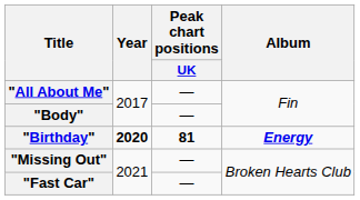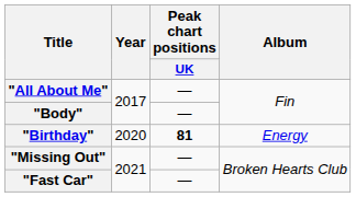 <table class="wikitable plainrowheaders" style="text-align:center;">
 <tr>
 <th rowspan="2">Title</th>
 <th rowspan="2">Year</th>
 <th>Peak chart positions</th>
 <th rowspan="2">Album</th>
 </tr>
 <tr>
 <th scope="col" style="width:3em;font-size:90%;"><a href='#'>UK</a><br></th>
 </tr>
 <tr>
 <th scope="row">"<a href='#'>All About Me</a>"</th>
 <td rowspan="2">2017</td>
 <td>—</td>
 <td rowspan="2"><em>Fin</em></td>
 </tr>
 <tr>
 <th scope="row">"Body"</th>
 <td>—</td>
 </tr>
 <tr>
 <th scope="row">"<a href='#'>Birthday</a>"<br></th>
-<td><strong>2020</strong></td>
+<td>2020</td>
 <td><strong>81</strong></td>
-<td><strong><em><a href='#'>Energy</a></em></strong></td>
+<td><em><a href='#'>Energy</a></em></td>
 </tr>
 <tr>
 <th scope="row">"Missing Out"</th>
 <td rowspan="2">2021</td>
 <td>—</td>
 <td rowspan="2"><em>Broken Hearts Club</em></td>
 </tr>
 <tr>
 <th scope="row">"Fast Car"</th>
 <td>—</td>
 </tr>
 </table>
